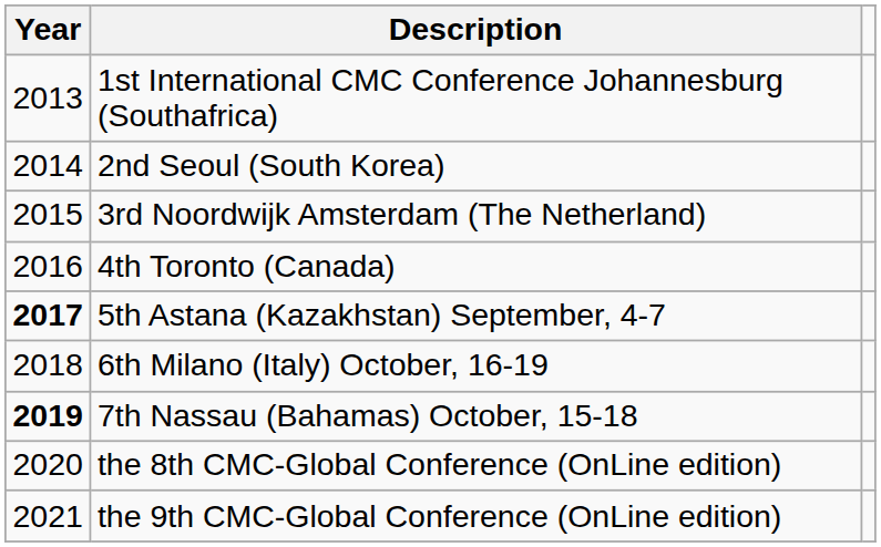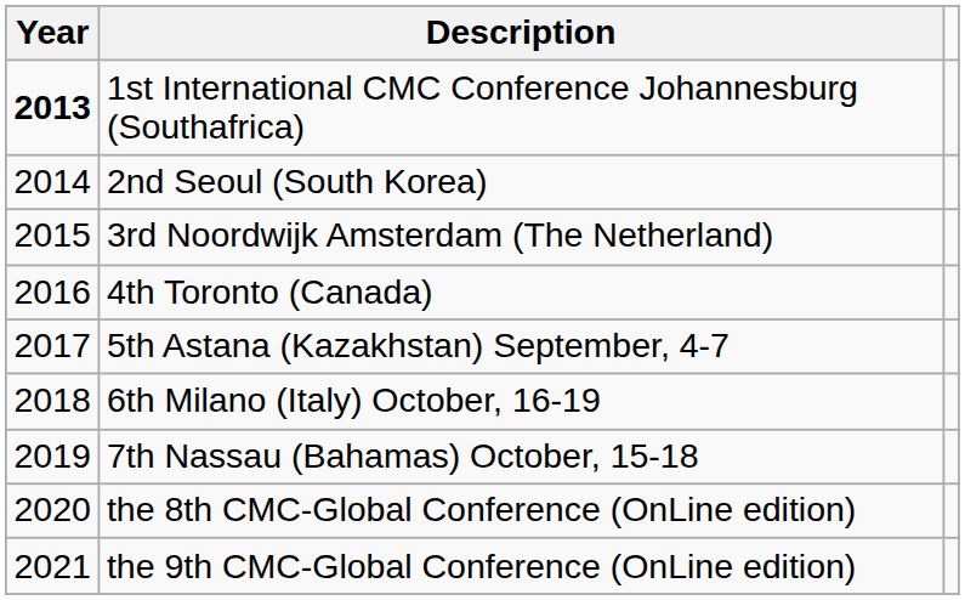 <table class="wikitable" font-size=95%; width=50%; background-color=transparent>
 <tr>
 <th>Year</th>
 <th>Description</th>
 </tr>
 <tr>
-<td align="center">2013</td>
+<td align="center"><strong>2013</strong></td>
 <td>1st International CMC Conference Johannesburg (Southafrica)</td>
 <td></td>
 </tr>
 <tr>
 <td align="center">2014</td>
 <td>2nd Seoul (South Korea)</td>
 <td></td>
 </tr>
 <tr>
 <td align="center">2015</td>
 <td>3rd Noordwijk Amsterdam (The Netherland)</td>
 <td></td>
 </tr>
 <tr>
 <td align="center">2016</td>
 <td>4th Toronto (Canada)</td>
 <td></td>
 </tr>
 <tr>
-<td align="center"><strong>2017</strong></td>
+<td align="center">2017</td>
 <td>5th Astana (Kazakhstan) September, 4-7</td>
 <td></td>
 </tr>
 <tr>
 <td align="center">2018</td>
 <td>6th Milano (Italy) October, 16-19</td>
 <td></td>
 </tr>
 <tr>
-<td align="center"><strong>2019</strong></td>
+<td align="center">2019</td>
 <td>7th Nassau (Bahamas) October, 15-18</td>
 <td></td>
 </tr>
 <tr>
 <td align="center">2020</td>
 <td>the 8th CMC-Global Conference (OnLine edition)</td>
 </tr>
 <tr>
 <td align="center">2021</td>
 <td>the 9th CMC-Global Conference (OnLine edition)</td>
 <td></td>
 </tr>
 </table>
